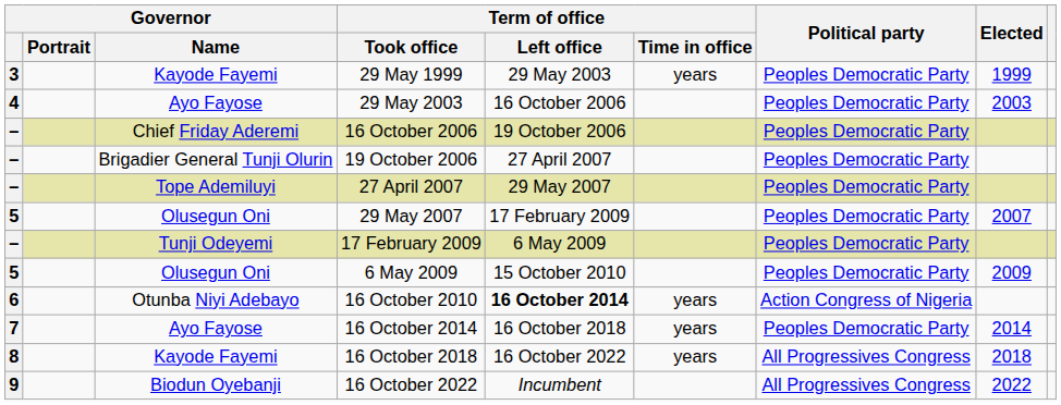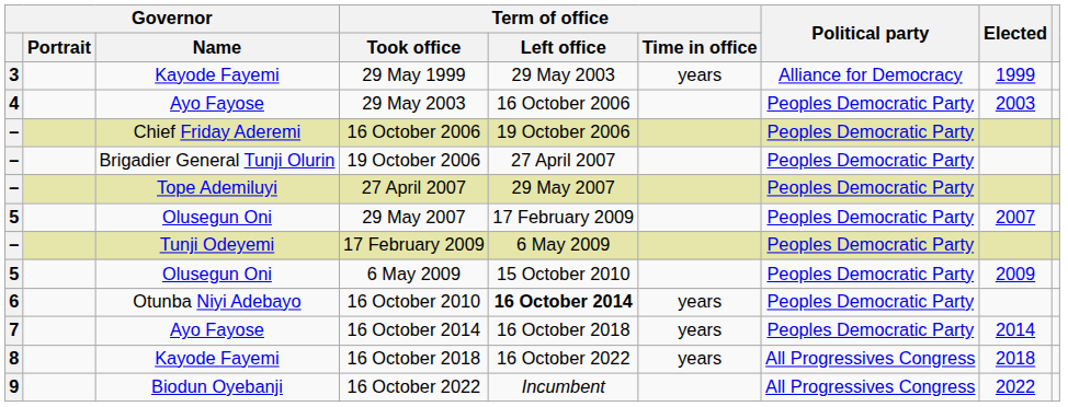 <table class="wikitable" style="text-align:center">
 <tr>
 <th colspan=3>Governor</th>
 <th colspan=3>Term of office</th>
 <th rowspan=2>Political party</th>
 <th rowspan=2>Elected</th>
 <th rowspan=2></th>
 </tr>
 <tr>
 <th></th>
 <th>Portrait</th>
 <th>Name<br></th>
 <th>Took office</th>
 <th>Left office</th>
 <th>Time in office</th>
 </tr>
 <tr>
 <th style="background:">3</th>
 <td></td>
 <td><a href='#'>Kayode Fayemi</a><br></td>
 <td>29 May 1999</td>
 <td>29 May 2003</td>
 <td> years</td>
-<td><a href='#'>Peoples Democratic Party</a></td>
+<td><a href='#'>Alliance for Democracy</a></td>
 <td><a href='#'>1999</a></td>
 <td></td>
 </tr>
 <tr>
 <th style="background:">4</th>
 <td></td>
 <td><a href='#'>Ayo Fayose</a><br></td>
 <td>29 May 2003</td>
 <td>16 October 2006</td>
 <td></td>
 <td><a href='#'>Peoples Democratic Party</a></td>
 <td><a href='#'>2003</a></td>
 <td></td>
 </tr>
 <tr style="background:#e6e6aa;">
 <th style="background:">–</th>
 <td></td>
 <td>Chief <a href='#'>Friday Aderemi</a></td>
 <td>16 October 2006</td>
 <td>19 October 2006</td>
 <td></td>
 <td><a href='#'>Peoples Democratic Party</a></td>
 <td></td>
 <td></td>
 </tr>
 <tr>
 <th style="background:">–</th>
 <td></td>
 <td>Brigadier General <a href='#'>Tunji Olurin</a><br></td>
 <td>19 October 2006</td>
 <td>27 April 2007</td>
 <td></td>
 <td><a href='#'>Peoples Democratic Party</a></td>
 <td></td>
 <td></td>
 </tr>
 <tr style="background:#e6e6aa;">
 <th style="background:">–</th>
 <td></td>
 <td><a href='#'>Tope Ademiluyi</a><br></td>
 <td>27 April 2007</td>
 <td>29 May 2007</td>
 <td></td>
 <td><a href='#'>Peoples Democratic Party</a></td>
 <td></td>
 <td></td>
 </tr>
 <tr>
 <th style="background:">5</th>
 <td></td>
 <td><a href='#'>Olusegun Oni</a><br></td>
 <td>29 May 2007</td>
 <td>17 February 2009</td>
 <td></td>
 <td><a href='#'>Peoples Democratic Party</a></td>
 <td><a href='#'>2007</a></td>
 <td></td>
 </tr>
 <tr style="background:#e6e6aa;">
 <th style="background:">–</th>
 <td></td>
 <td><a href='#'>Tunji Odeyemi</a></td>
 <td>17 February 2009</td>
 <td>6 May 2009</td>
 <td></td>
 <td><a href='#'>Peoples Democratic Party</a></td>
 <td></td>
 <td></td>
 </tr>
 <tr>
 <th style="background:">5</th>
 <td></td>
 <td><a href='#'>Olusegun Oni</a><br></td>
 <td>6 May 2009</td>
 <td>15 October 2010</td>
 <td></td>
 <td><a href='#'>Peoples Democratic Party</a></td>
 <td><a href='#'>2009</a></td>
 <td></td>
 </tr>
 <tr>
 <th style="background:">6</th>
 <td></td>
 <td>Otunba <a href='#'>Niyi Adebayo</a><br></td>
 <td>16 October 2010</td>
 <td><strong>16 October 2014</strong></td>
 <td> years</td>
-<td><a href='#'>Action Congress of Nigeria</a></td>
+<td><a href='#'>Peoples Democratic Party</a></td>
 <td></td>
 <td></td>
 </tr>
 <tr>
 <th style="background:">7</th>
 <td></td>
 <td><a href='#'>Ayo Fayose</a><br></td>
 <td>16 October 2014</td>
 <td>16 October 2018</td>
 <td> years</td>
 <td><a href='#'>Peoples Democratic Party</a></td>
 <td><a href='#'>2014</a></td>
 <td></td>
 </tr>
 <tr>
 <th style="background:">8</th>
 <td></td>
 <td><a href='#'>Kayode Fayemi</a><br></td>
 <td>16 October 2018</td>
 <td>16 October 2022</td>
 <td> years</td>
 <td><a href='#'>All Progressives Congress</a></td>
 <td><a href='#'>2018</a></td>
 <td></td>
 </tr>
 <tr>
 <th style="background:">9</th>
 <td></td>
 <td><a href='#'>Biodun Oyebanji</a><br></td>
 <td>16 October 2022</td>
 <td><em>Incumbent</em></td>
 <td></td>
 <td><a href='#'>All Progressives Congress</a></td>
 <td><a href='#'>2022</a></td>
 <td></td>
 </tr>
 </table>
